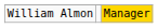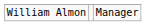 <table class="wikitable">
 <tr>
 </tr>
 <tr>
 <td>William Almon</td>
 <td></td>
-<td style="background: gold;">Manager</td>
+<td>Manager</td>
 </tr>
 </table>
